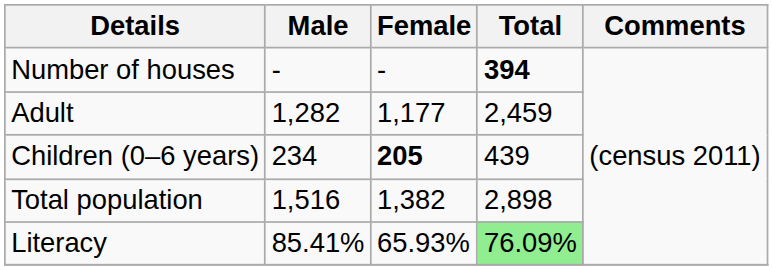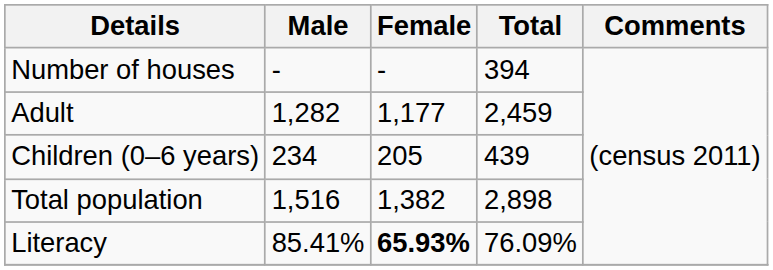 <table class="wikitable sortable">
 <tr>
 <th>Details</th>
 <th>Male</th>
 <th>Female</th>
 <th>Total</th>
 <th>Comments</th>
 </tr>
 <tr>
 <td>Number of houses</td>
 <td>-</td>
 <td>-</td>
-<td><strong>394</strong></td>
+<td>394</td>
 <td rowspan="5">(census 2011) </td>
 </tr>
 <tr>
 <td>Adult</td>
 <td>1,282</td>
 <td>1,177</td>
 <td>2,459</td>
 </tr>
 <tr>
 <td>Children (0–6 years)</td>
 <td>234</td>
-<td><strong>205</strong></td>
+<td>205</td>
 <td>439</td>
 </tr>
 <tr>
 <td>Total population</td>
 <td>1,516</td>
 <td>1,382</td>
 <td>2,898</td>
 </tr>
 <tr>
 <td>Literacy</td>
 <td>85.41%</td>
-<td>65.93%</td>
-<td style="background: lightgreen;">76.09%</td>
+<td><strong>65.93%</strong></td>
+<td>76.09%</td>
 </tr>
 <tr>
 </tr>
 </table>
